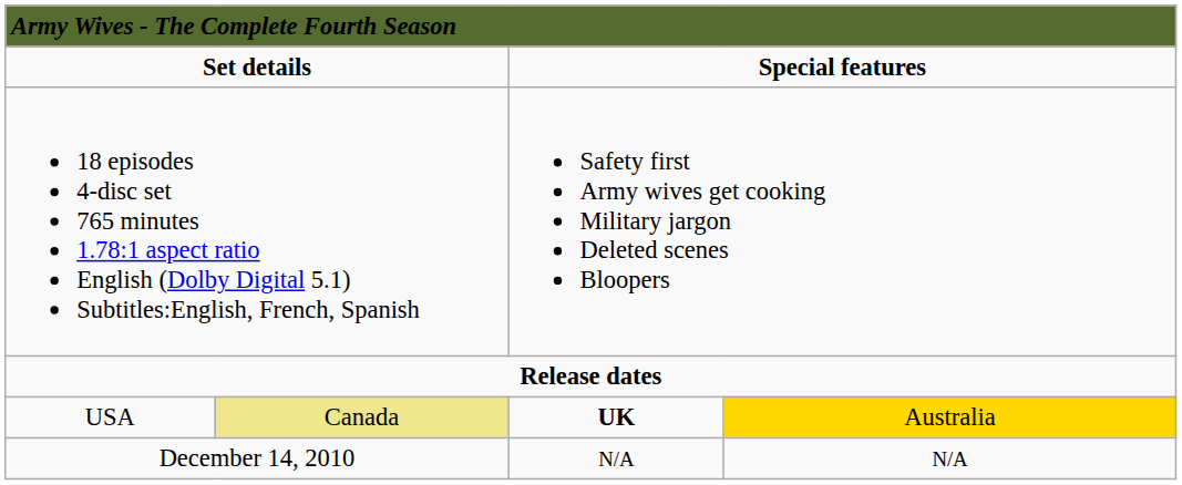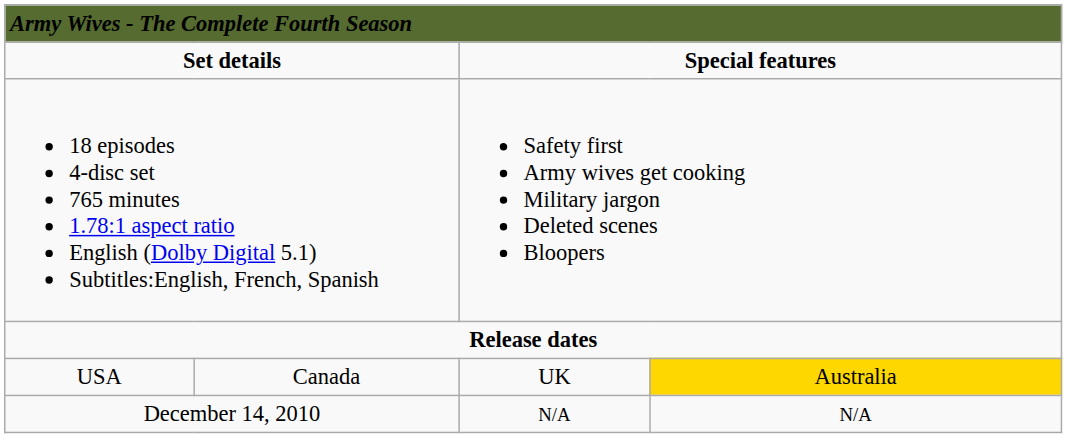 <table class="wikitable" style="font-size:95%;">
 <tr style="background:#556B2F">
 <td colspan="4"><span><strong><em>Army Wives - The Complete Fourth Season</em></strong></span></td>
 </tr>
 <tr valign="top">
 <td align="center" width="300" colspan="2"><strong>Set details</strong></td>
 <td colspan="2" width="400" align="center"><strong>Special features</strong></td>
 </tr>
 <tr valign="top">
 <td colspan="2" align="left" width="300"><br><ul><li>18 episodes</li><li>4-disc set</li><li>765 minutes</li><li><a href='#'>1.78:1 aspect ratio</a></li><li>English (<a href='#'>Dolby Digital</a> 5.1)</li><li>Subtitles:English, French, Spanish</li></ul></td>
 <td colspan="2" align="left" width="400"><br><ul><li>Safety first</li><li>Army wives get cooking</li><li>Military jargon</li><li>Deleted scenes</li><li>Bloopers</li></ul></td>
 </tr>
 <tr>
 <td colspan="4" align="center"><strong>Release dates</strong></td>
 </tr>
 <tr>
 <td align="center"> USA</td>
-<td align="center" style="background: khaki;"> Canada</td>
-<td align="center"><strong> UK</strong></td>
+<td align="center"> Canada</td>
+<td align="center"> UK</td>
 <td align="center" style="background: gold;"> Australia</td>
 </tr>
 <tr>
 <td align="center" colspan="2">December 14, 2010</td>
 <td align="center"><small>N/A</small></td>
 <td align="center"><small>N/A</small></td>
 </tr>
 </table>
